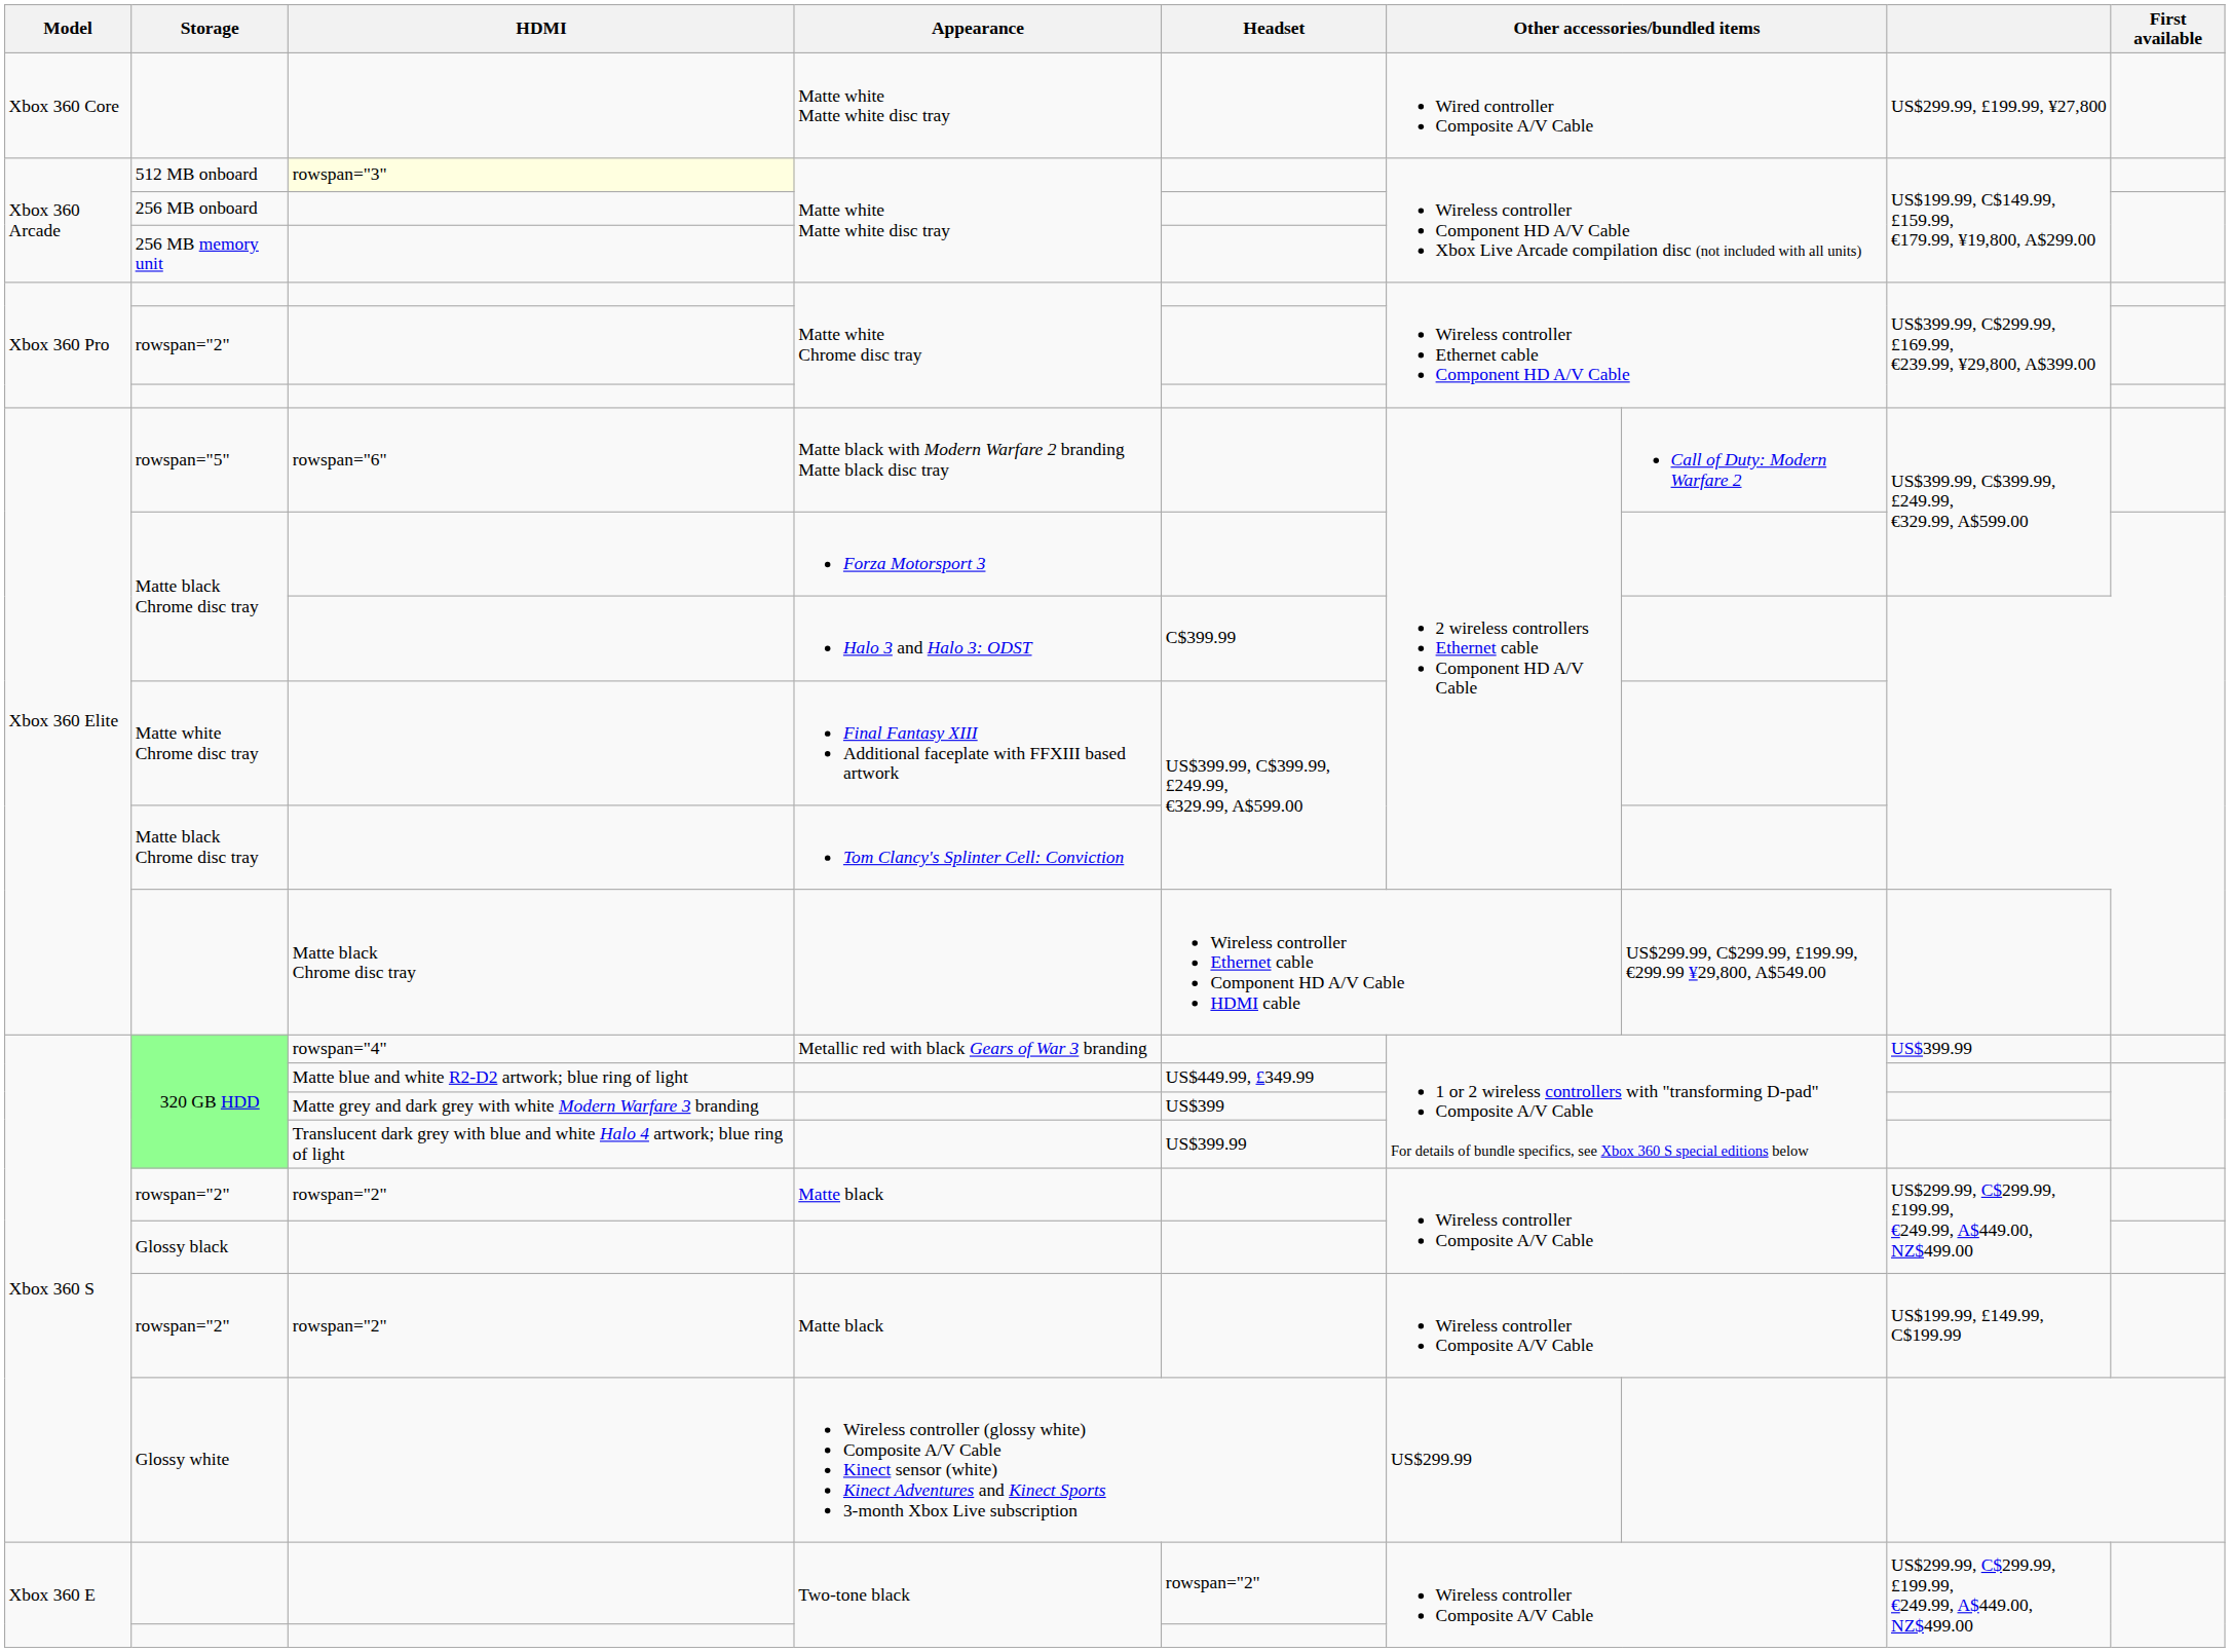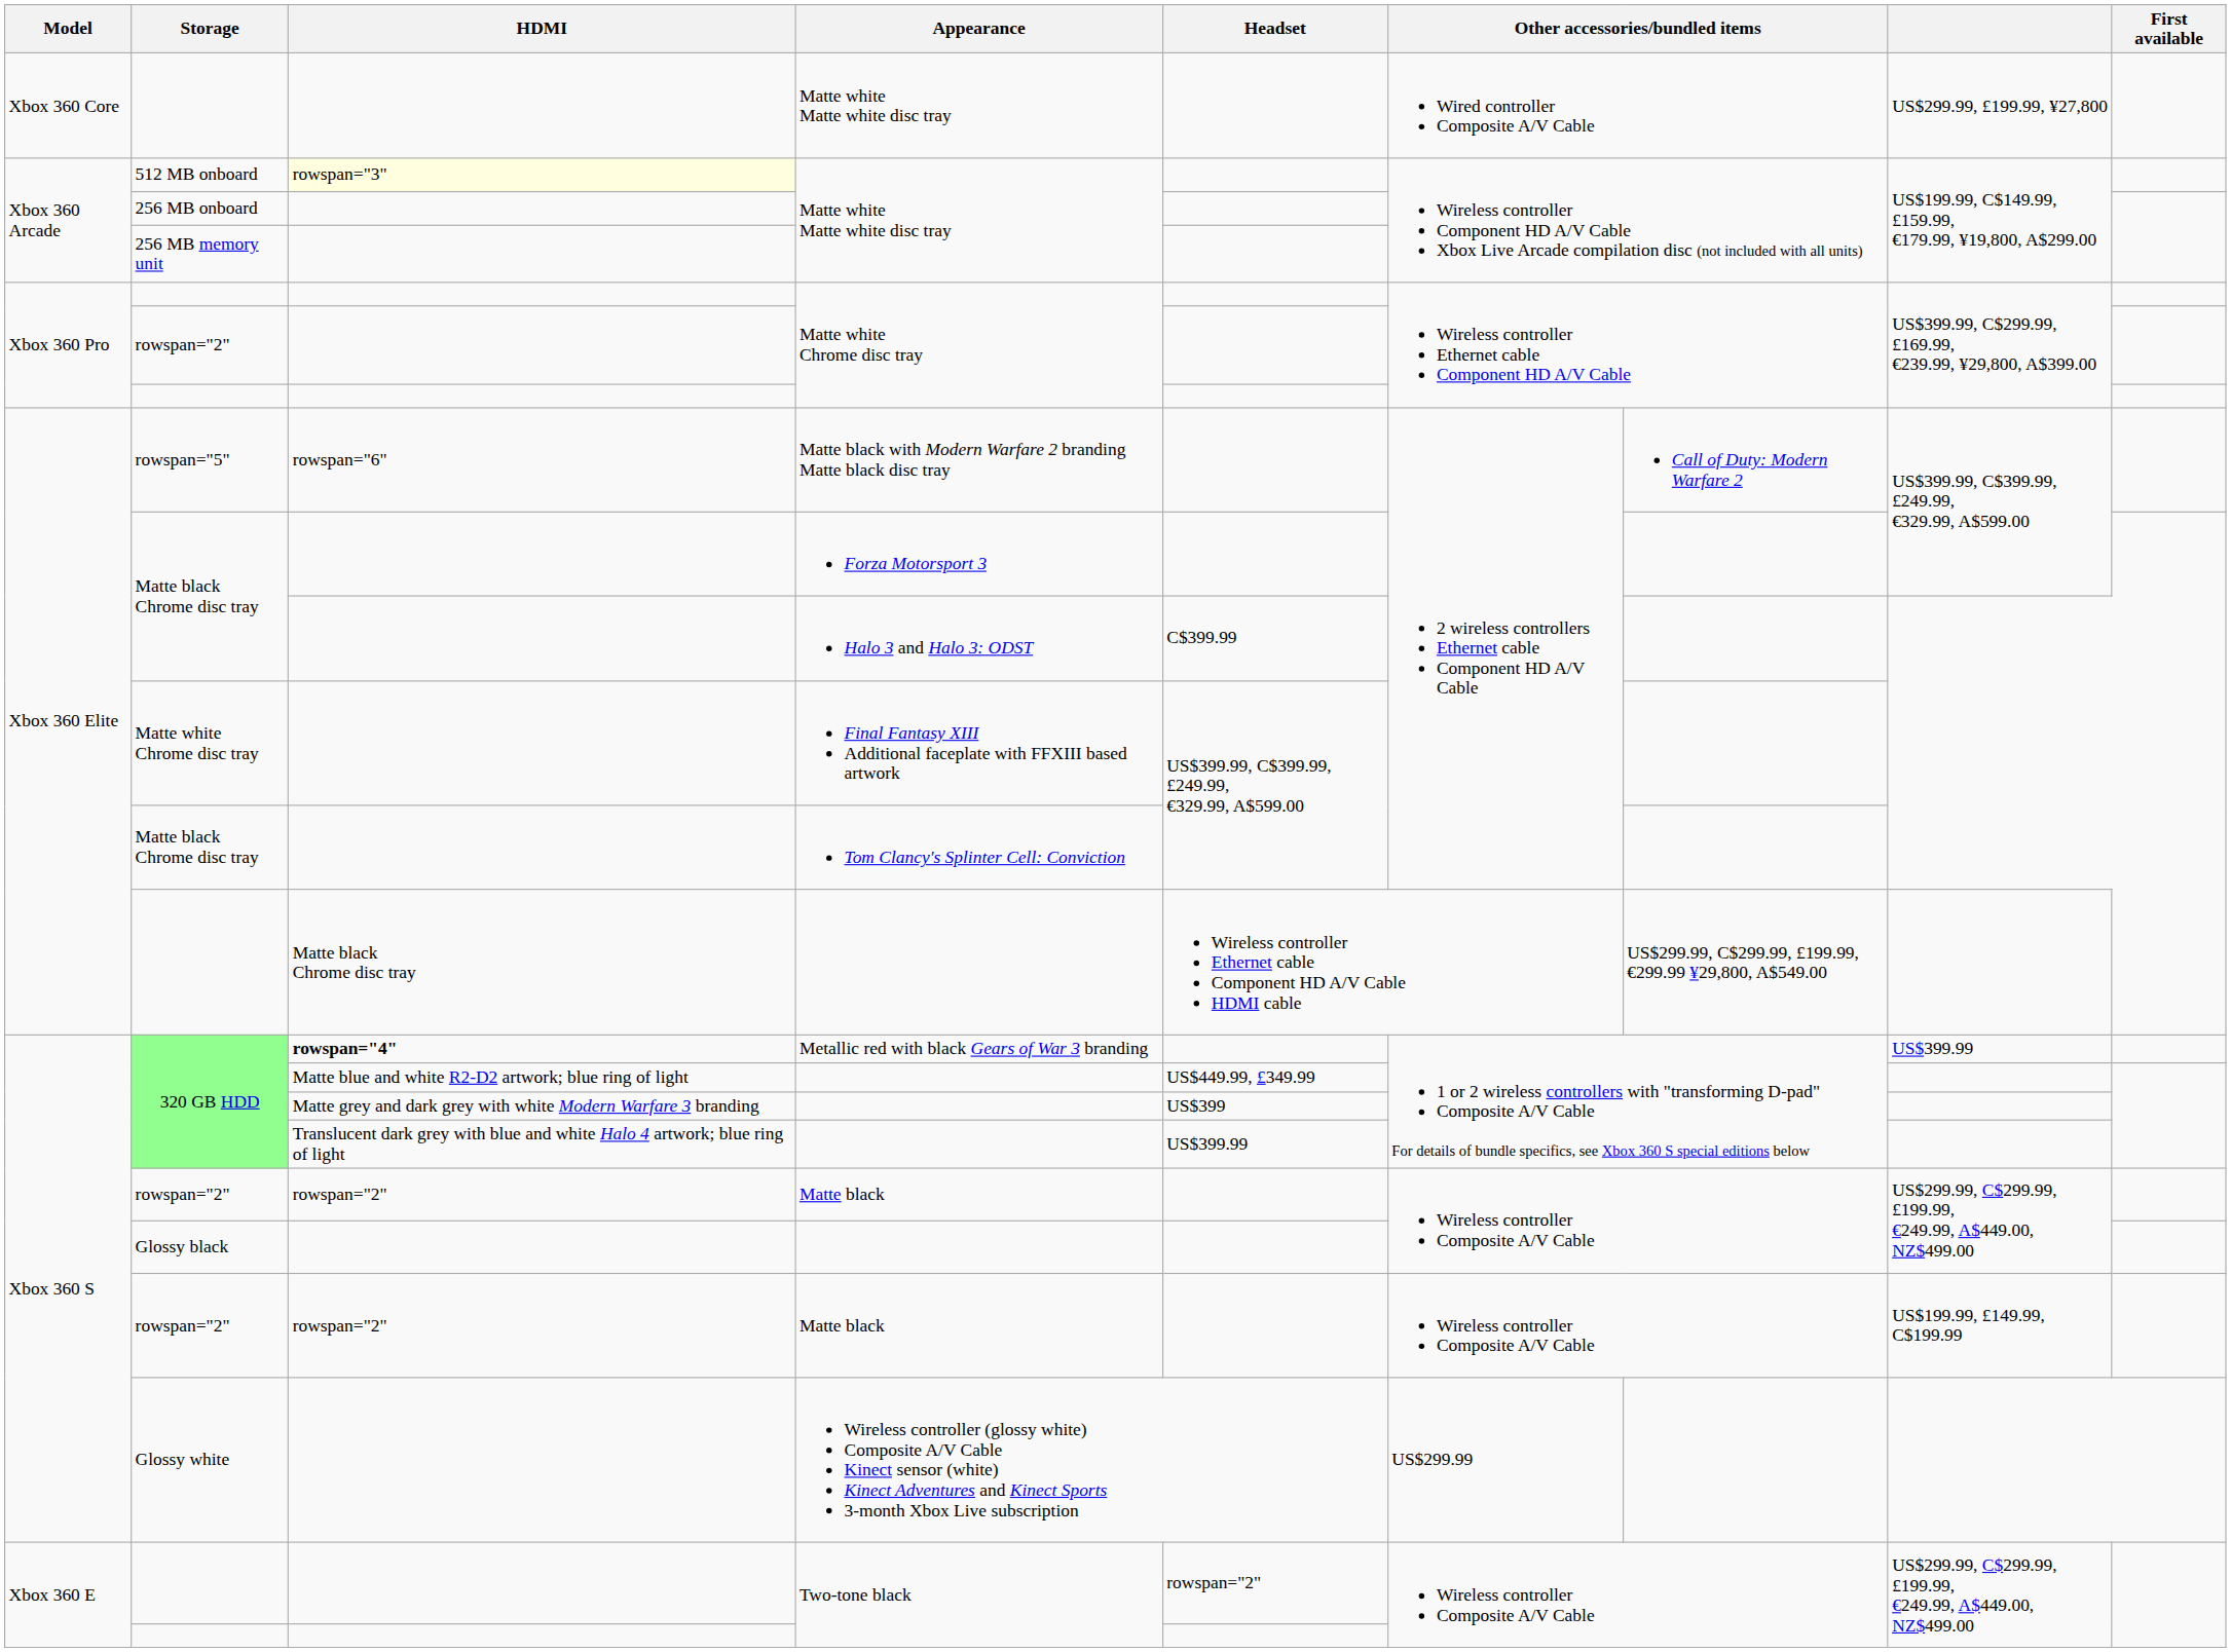 <table class="wikitable" style="width:100%;">
 <tr>
 <th>Model</th>
 <th>Storage</th>
 <th>HDMI</th>
 <th>Appearance</th>
 <th>Headset</th>
 <th colspan="2">Other accessories/bundled items</th>
 <th></th>
 <th>First available</th>
 </tr>
 <tr>
 <td>Xbox 360 Core</td>
 <td></td>
 <td></td>
 <td>Matte white<br>Matte white disc tray</td>
 <td></td>
 <td colspan="2"><br><ul><li>Wired controller</li><li>Composite A/V Cable</li></ul></td>
 <td>US$299.99, £199.99, ¥27,800</td>
 <td></td>
 </tr>
 <tr>
 <td rowspan="3">Xbox 360 Arcade</td>
 <td> 512 MB onboard</td>
 <td style="background: lightyellow;">rowspan="3" </td>
 <td rowspan="3">Matte white<br>Matte white disc tray</td>
 <td></td>
 <td colspan="2" rowspan="3"><br><ul><li>Wireless controller</li><li>Component HD A/V Cable</li><li>Xbox Live Arcade compilation disc <small>(not included with all units)</small></li></ul></td>
 <td rowspan="3">US$199.99, C$149.99, £159.99,<br>€179.99, ¥19,800, A$299.00</td>
 <td></td>
 </tr>
 <tr>
 <td> 256 MB onboard</td>
 <td></td>
 <td></td>
 </tr>
 <tr>
 <td> 256 MB <a href='#'>memory unit</a></td>
 <td></td>
 <td></td>
 </tr>
 <tr>
 <td rowspan="3">Xbox 360 Pro</td>
 <td></td>
 <td></td>
 <td rowspan="3">Matte white<br>Chrome disc tray</td>
 <td></td>
 <td colspan="2" rowspan="3"><br><ul><li>Wireless controller</li><li>Ethernet cable</li><li><a href='#'>Component HD A/V Cable</a></li></ul></td>
 <td rowspan="3">US$399.99, C$299.99, £169.99,<br>€239.99, ¥29,800, A$399.00</td>
 <td></td>
 </tr>
 <tr>
 <td>rowspan="2" </td>
 <td></td>
 <td></td>
 <td></td>
 </tr>
 <tr>
 <td></td>
 <td></td>
 <td></td>
 </tr>
 <tr>
 <td rowspan="6">Xbox 360 Elite</td>
 <td>rowspan="5" </td>
 <td>rowspan="6" </td>
 <td>Matte black with <em>Modern Warfare 2</em> branding<br>Matte black disc tray</td>
 <td></td>
 <td rowspan="5"><br><ul><li>2 wireless controllers</li><li><a href='#'>Ethernet</a> cable</li><li>Component HD A/V Cable</li></ul></td>
 <td><br><ul><li><em><a href='#'>Call of Duty: Modern Warfare 2</a></em></li></ul></td>
 <td rowspan="2">US$399.99, C$399.99, £249.99,<br>€329.99, A$599.00</td>
 <td></td>
 </tr>
 <tr>
 <td rowspan="2">Matte black<br>Chrome disc tray</td>
 <td></td>
 <td><br><ul><li><em><a href='#'>Forza Motorsport 3</a></em></li></ul></td>
 <td></td>
 </tr>
 <tr>
 <td></td>
 <td><br><ul><li><em><a href='#'>Halo 3</a></em> and <em><a href='#'>Halo 3: ODST</a></em></li></ul></td>
 <td>C$399.99</td>
 <td></td>
 </tr>
 <tr>
 <td>Matte white<br>Chrome disc tray</td>
 <td></td>
 <td><br><ul><li><em><a href='#'>Final Fantasy XIII</a></em></li><li>Additional faceplate with FFXIII based artwork</li></ul></td>
 <td rowspan="2">US$399.99, C$399.99, £249.99,<br>€329.99, A$599.00</td>
 <td></td>
 </tr>
 <tr>
 <td>Matte black<br>Chrome disc tray</td>
 <td></td>
 <td><br><ul><li><em><a href='#'>Tom Clancy's Splinter Cell: Conviction</a></em></li></ul></td>
 <td></td>
 </tr>
 <tr>
 <td></td>
 <td>Matte black<br>Chrome disc tray</td>
 <td></td>
 <td colspan="2"><br><ul><li>Wireless controller</li><li><a href='#'>Ethernet</a> cable</li><li>Component HD A/V Cable</li><li><a href='#'>HDMI</a> cable</li></ul></td>
 <td>US$299.99, C$299.99, £199.99,<br>€299.99 <a href='#'>¥</a>29,800, A$549.00</td>
 <td></td>
 </tr>
 <tr>
 <td rowspan="8">Xbox 360 S</td>
 <td rowspan="4" style="background: #90ff90; color: black; vertical-align: middle; text-align: center;" class="table-yes">320 GB <a href='#'>HDD</a></td>
-<td>rowspan="4" </td>
+<td><strong>rowspan="4" </strong></td>
 <td>Metallic red with black <em><a href='#'>Gears of War 3</a></em> branding</td>
 <td></td>
 <td rowspan="4" colspan="2"><br><ul><li>1 or 2 wireless <a href='#'>controllers</a> with "transforming D-pad"</li><li>Composite A/V Cable</li></ul><small>For details of bundle specifics, see <a href='#'>Xbox 360 S special editions</a> below</small></td>
 <td><a href='#'>US$</a>399.99</td>
 <td></td>
 </tr>
 <tr>
 <td>Matte blue and white <a href='#'>R2-D2</a> artwork; blue ring of light</td>
 <td></td>
 <td>US$449.99, <a href='#'>£</a>349.99</td>
 <td></td>
 </tr>
 <tr>
 <td>Matte grey and dark grey with white <em><a href='#'>Modern Warfare 3</a></em> branding</td>
 <td></td>
 <td>US$399</td>
 <td></td>
 </tr>
 <tr>
 <td>Translucent dark grey with blue and white <em><a href='#'>Halo 4</a></em> artwork; blue ring of light</td>
 <td></td>
 <td>US$399.99</td>
 <td></td>
 </tr>
 <tr>
 <td>rowspan="2" </td>
 <td>rowspan="2" </td>
 <td><a href='#'>Matte</a> black</td>
 <td></td>
 <td rowspan="2" colspan="2"><br><ul><li>Wireless controller</li><li>Composite A/V Cable</li></ul></td>
 <td rowspan="2">US$299.99, <a href='#'>C$</a>299.99, £199.99,<br><a href='#'>€</a>249.99, <a href='#'>A$</a>449.00, <a href='#'>NZ$</a>499.00</td>
 <td></td>
 </tr>
 <tr>
 <td>Glossy black</td>
 <td></td>
 <td></td>
 </tr>
 <tr>
 <td>rowspan="2" </td>
 <td>rowspan="2" </td>
 <td>Matte black</td>
 <td></td>
 <td colspan="2"><br><ul><li>Wireless controller</li><li>Composite A/V Cable</li></ul></td>
 <td>US$199.99, £149.99, C$199.99</td>
 <td></td>
 </tr>
 <tr>
 <td>Glossy white</td>
 <td></td>
 <td colspan="2"><br><ul><li>Wireless controller (glossy white)</li><li>Composite A/V Cable</li><li><a href='#'>Kinect</a> sensor (white)</li><li><em><a href='#'>Kinect Adventures</a></em> and <em><a href='#'>Kinect Sports</a></em></li><li>3-month Xbox Live subscription</li></ul></td>
 <td>US$299.99</td>
 <td></td>
 </tr>
 <tr>
 <td rowspan="2">Xbox 360 E</td>
 <td></td>
 <td></td>
 <td rowspan="2">Two-tone black</td>
 <td>rowspan="2" </td>
 <td rowspan="2" colspan="2"><br><ul><li>Wireless controller</li><li>Composite A/V Cable</li></ul></td>
 <td rowspan="2">US$299.99, <a href='#'>C$</a>299.99, £199.99,<br><a href='#'>€</a>249.99, <a href='#'>A$</a>449.00, <a href='#'>NZ$</a>499.00</td>
 <td rowspan="2"></td>
 </tr>
 <tr>
 <td></td>
 <td></td>
 </tr>
 </table>
